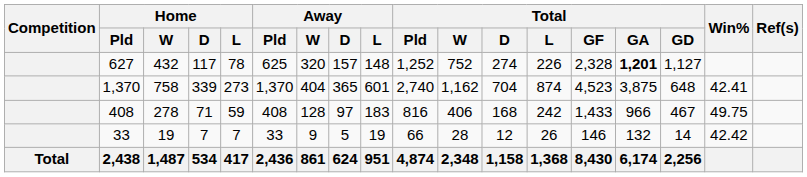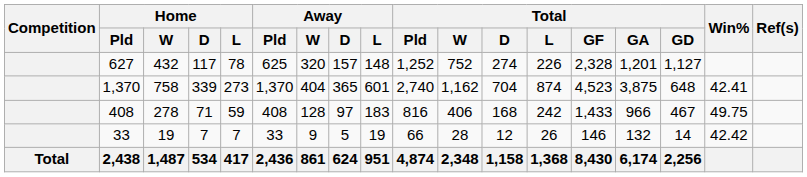 <table class="wikitable plainrowheaders sortable" style="text-align:center">
 <tr>
 <th rowspan="2">Competition</th>
 <th colspan="4">Home</th>
 <th colspan="4">Away</th>
 <th colspan="7">Total</th>
 <th scope="col" rowspan="2">Win%</th>
 <th scope="col" rowspan="2" class="unsortable">Ref(s)</th>
 </tr>
 <tr class="sortable">
 <th scope="col">Pld</th>
 <th scope="col">W</th>
 <th scope="col">D</th>
 <th scope="col">L</th>
 <th scope="col">Pld</th>
 <th scope="col">W</th>
 <th scope="col">D</th>
 <th scope="col">L</th>
 <th scope="col">Pld</th>
 <th scope="col">W</th>
 <th scope="col">D</th>
 <th scope="col">L</th>
 <th scope="col">GF</th>
 <th scope="col">GA</th>
 <th scope="col">GD</th>
 </tr>
 <tr>
 <th scope="row" align=left></th>
 <td>627</td>
 <td>432</td>
 <td>117</td>
 <td>78</td>
 <td>625</td>
 <td>320</td>
 <td>157</td>
 <td>148</td>
 <td>1,252</td>
 <td>752</td>
 <td>274</td>
 <td>226</td>
 <td>2,328</td>
-<td><strong>1,201</strong></td>
+<td>1,201</td>
 <td>1,127</td>
 <td></td>
 <td></td>
 </tr>
 <tr>
 <th scope="row" align=left></th>
 <td>1,370</td>
 <td>758</td>
 <td>339</td>
 <td>273</td>
 <td>1,370</td>
 <td>404</td>
 <td>365</td>
 <td>601</td>
 <td>2,740</td>
 <td>1,162</td>
 <td>704</td>
 <td>874</td>
 <td>4,523</td>
 <td>3,875</td>
 <td>648</td>
 <td>42.41</td>
 <td></td>
 </tr>
 <tr>
 <th scope="row" align=left></th>
 <td>408</td>
 <td>278</td>
 <td>71</td>
 <td>59</td>
 <td>408</td>
 <td>128</td>
 <td>97</td>
 <td>183</td>
 <td>816</td>
 <td>406</td>
 <td>168</td>
 <td>242</td>
 <td>1,433</td>
 <td>966</td>
 <td>467</td>
 <td>49.75</td>
 <td></td>
 </tr>
 <tr>
 <th scope="row" align=left></th>
 <td>33</td>
 <td>19</td>
 <td>7</td>
 <td>7</td>
 <td>33</td>
 <td>9</td>
 <td>5</td>
 <td>19</td>
 <td>66</td>
 <td>28</td>
 <td>12</td>
 <td>26</td>
 <td>146</td>
 <td>132</td>
 <td>14</td>
 <td>42.42</td>
 <td></td>
 </tr>
 <tr class="sortbottom">
 <th>Total</th>
 <th>2,438</th>
 <th>1,487</th>
 <th>534</th>
 <th>417</th>
 <th>2,436</th>
 <th>861</th>
 <th>624</th>
 <th>951</th>
 <th>4,874</th>
 <th>2,348</th>
 <th>1,158</th>
 <th>1,368</th>
 <th>8,430</th>
 <th>6,174</th>
 <th>2,256</th>
 <th></th>
 <th></th>
 </tr>
 </table>
